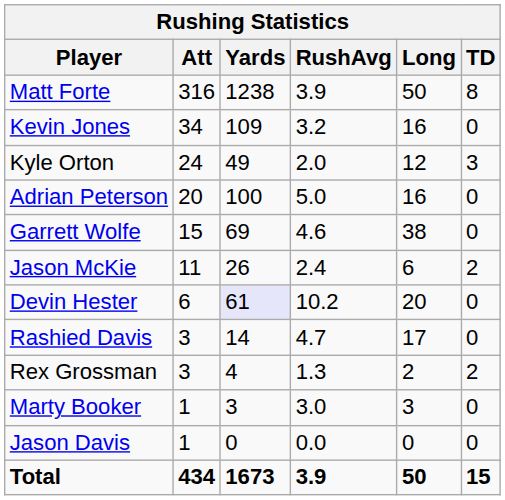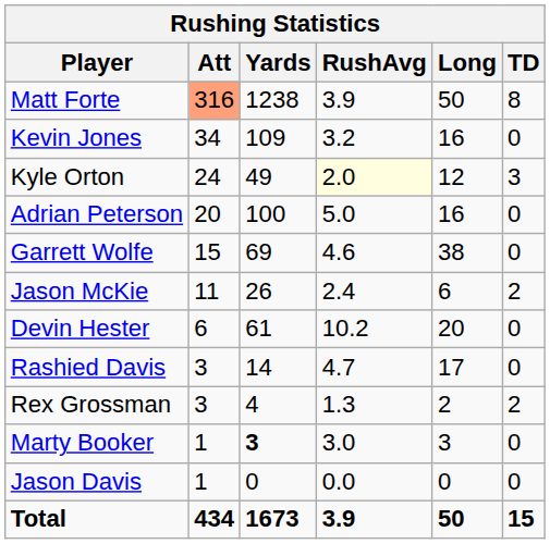 <table align="left" class="wikitable">
 <tr>
 <th colspan="6">Rushing Statistics</th>
 </tr>
 <tr>
 <th>Player</th>
 <th>Att</th>
 <th>Yards</th>
 <th>RushAvg</th>
 <th>Long</th>
 <th>TD</th>
 </tr>
 <tr>
 <td><a href='#'>Matt Forte</a></td>
-<td>316</td>
+<td style="background: lightsalmon;">316</td>
 <td>1238</td>
 <td>3.9</td>
 <td>50</td>
 <td>8</td>
 </tr>
 <tr>
 <td><a href='#'>Kevin Jones</a></td>
 <td>34</td>
 <td>109</td>
 <td>3.2</td>
 <td>16</td>
 <td>0</td>
 </tr>
 <tr>
 <td>Kyle Orton</td>
 <td>24</td>
 <td>49</td>
-<td>2.0</td>
+<td style="background: lightyellow;">2.0</td>
 <td>12</td>
 <td>3</td>
 </tr>
 <tr>
 <td><a href='#'>Adrian Peterson</a></td>
 <td>20</td>
 <td>100</td>
 <td>5.0</td>
 <td>16</td>
 <td>0</td>
 </tr>
 <tr>
 <td><a href='#'>Garrett Wolfe</a></td>
 <td>15</td>
 <td>69</td>
 <td>4.6</td>
 <td>38</td>
 <td>0</td>
 </tr>
 <tr>
 <td><a href='#'>Jason McKie</a></td>
 <td>11</td>
 <td>26</td>
 <td>2.4</td>
 <td>6</td>
 <td>2</td>
 </tr>
 <tr>
 <td><a href='#'>Devin Hester</a></td>
 <td>6</td>
-<td style="background: lavender;">61</td>
+<td>61</td>
 <td>10.2</td>
 <td>20</td>
 <td>0</td>
 </tr>
 <tr>
 <td><a href='#'>Rashied Davis</a></td>
 <td>3</td>
 <td>14</td>
 <td>4.7</td>
 <td>17</td>
 <td>0</td>
 </tr>
 <tr>
 <td>Rex Grossman</td>
 <td>3</td>
 <td>4</td>
 <td>1.3</td>
 <td>2</td>
 <td>2</td>
 </tr>
 <tr>
 <td><a href='#'>Marty Booker</a></td>
 <td>1</td>
-<td>3</td>
+<td><strong>3</strong></td>
 <td>3.0</td>
 <td>3</td>
 <td>0</td>
 </tr>
 <tr>
 <td><a href='#'>Jason Davis</a></td>
 <td>1</td>
 <td>0</td>
 <td>0.0</td>
 <td>0</td>
 <td>0</td>
 </tr>
 <tr class="sortbottom">
 <td><strong>Total</strong></td>
 <td><strong>434</strong></td>
 <td><strong>1673</strong></td>
 <td><strong> 3.9</strong></td>
 <td><strong>50</strong></td>
 <td><strong>15</strong></td>
 </tr>
 </table>
